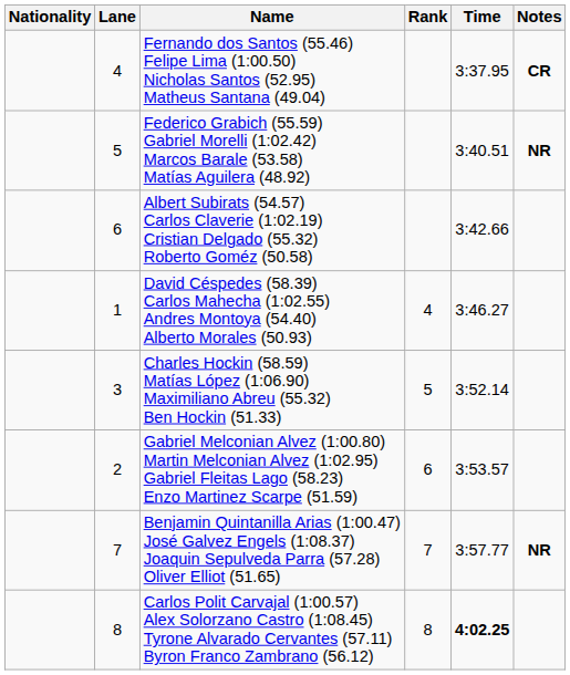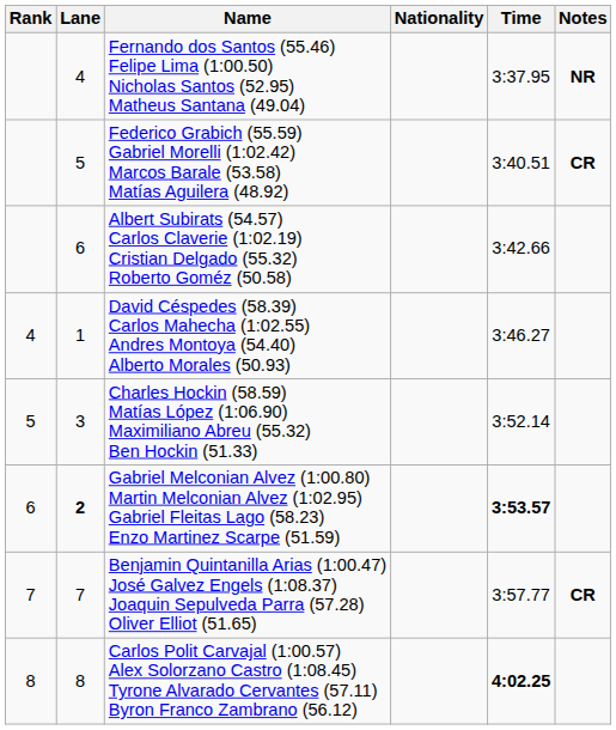 <table class="wikitable sortable" style="text-align:center">
 <tr>
-<th>Nationality</th>
+<th>Rank</th>
 <th>Lane</th>
 <th>Name</th>
-<th>Rank</th>
+<th>Nationality</th>
 <th>Time</th>
 <th>Notes</th>
 </tr>
 <tr>
-<td align=left></td>
+<td></td>
 <td>4</td>
 <td align=left><a href='#'>Fernando dos Santos</a> (55.46) <br> <a href='#'>Felipe Lima</a> (1:00.50) <br> <a href='#'>Nicholas Santos</a> (52.95) <br> <a href='#'>Matheus Santana</a> (49.04)</td>
+<td align=left></td>
+<td>3:37.95</td>
+<td><strong>NR</strong></td>
+</tr>
+<tr>
 <td></td>
-<td>3:37.95</td>
+<td>5</td>
+<td align=left><a href='#'>Federico Grabich</a> (55.59) <br> <a href='#'>Gabriel Morelli</a> (1:02.42) <br> <a href='#'>Marcos Barale</a> (53.58) <br> <a href='#'>Matías Aguilera</a> (48.92)</td>
+<td align=left></td>
+<td>3:40.51</td>
 <td><strong>CR</strong></td>
 </tr>
 <tr>
-<td align=left></td>
-<td>5</td>
-<td align=left><a href='#'>Federico Grabich</a> (55.59) <br> <a href='#'>Gabriel Morelli</a> (1:02.42) <br> <a href='#'>Marcos Barale</a> (53.58) <br> <a href='#'>Matías Aguilera</a> (48.92)</td>
 <td></td>
-<td>3:40.51</td>
-<td><strong>NR</strong></td>
-</tr>
-<tr>
-<td align=left></td>
 <td>6</td>
 <td align=left><a href='#'>Albert Subirats</a> (54.57) <br> <a href='#'>Carlos Claverie</a> (1:02.19) <br> <a href='#'>Cristian Delgado</a> (55.32) <br> <a href='#'>Roberto Goméz</a> (50.58)</td>
-<td></td>
+<td align=left></td>
 <td>3:42.66</td>
 <td></td>
 </tr>
 <tr>
-<td align=left></td>
+<td>4</td>
 <td>1</td>
 <td align=left><a href='#'>David Céspedes</a> (58.39) <br> <a href='#'>Carlos Mahecha</a> (1:02.55) <br> <a href='#'>Andres Montoya</a> (54.40) <br> <a href='#'>Alberto Morales</a> (50.93)</td>
-<td>4</td>
+<td align=left></td>
 <td>3:46.27</td>
 <td></td>
 </tr>
 <tr>
-<td align=left></td>
+<td>5</td>
 <td>3</td>
 <td align=left><a href='#'>Charles Hockin</a> (58.59) <br> <a href='#'>Matías López</a> (1:06.90) <br> <a href='#'>Maximiliano Abreu</a> (55.32) <br> <a href='#'>Ben Hockin</a> (51.33)</td>
-<td>5</td>
+<td align=left></td>
 <td>3:52.14</td>
 <td></td>
 </tr>
 <tr>
+<td>6</td>
+<td><strong>2</strong></td>
+<td align=left><a href='#'>Gabriel Melconian Alvez</a> (1:00.80) <br> <a href='#'>Martin Melconian Alvez</a> (1:02.95) <br> <a href='#'>Gabriel Fleitas Lago</a> (58.23) <br> <a href='#'>Enzo Martinez Scarpe</a> (51.59)</td>
 <td align=left></td>
-<td>2</td>
-<td align=left><a href='#'>Gabriel Melconian Alvez</a> (1:00.80) <br> <a href='#'>Martin Melconian Alvez</a> (1:02.95) <br> <a href='#'>Gabriel Fleitas Lago</a> (58.23) <br> <a href='#'>Enzo Martinez Scarpe</a> (51.59)</td>
-<td>6</td>
-<td>3:53.57</td>
+<td><strong>3:53.57</strong></td>
 <td></td>
 </tr>
 <tr>
-<td align=left></td>
+<td>7</td>
 <td>7</td>
 <td align=left><a href='#'>Benjamin Quintanilla Arias</a> (1:00.47) <br> <a href='#'>José Galvez Engels</a> (1:08.37) <br> <a href='#'>Joaquin Sepulveda Parra</a> (57.28) <br> <a href='#'>Oliver Elliot</a> (51.65)</td>
-<td>7</td>
+<td align=left></td>
 <td>3:57.77</td>
-<td><strong>NR</strong></td>
+<td><strong>CR</strong></td>
 </tr>
 <tr>
-<td align=left></td>
+<td>8</td>
 <td>8</td>
 <td align=left><a href='#'>Carlos Polit Carvajal</a> (1:00.57) <br> <a href='#'>Alex Solorzano Castro</a> (1:08.45) <br> <a href='#'>Tyrone Alvarado Cervantes</a> (57.11) <br> <a href='#'>Byron Franco Zambrano</a> (56.12)</td>
-<td>8</td>
+<td align=left></td>
 <td><strong>4:02.25</strong></td>
 <td></td>
 </tr>
 </table>
